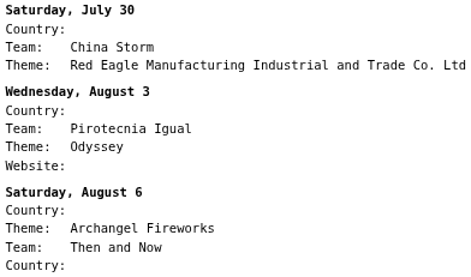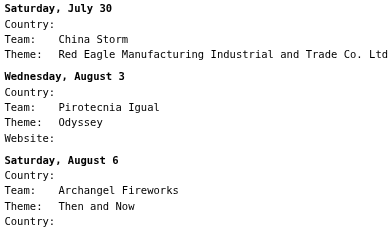 <table border="0">
 <tr>
 <td colspan="2"><strong>Saturday, July 30</strong></td>
 </tr>
 <tr>
 <td>Country:</td>
 <td></td>
 </tr>
 <tr>
 <td>Team:</td>
 <td>China Storm</td>
 </tr>
 <tr>
 <td>Theme:</td>
 <td>Red Eagle Manufacturing Industrial and Trade Co. Ltd</td>
 </tr>
 <tr>
 <td colspan="2"></td>
 </tr>
 <tr>
 <td></td>
 </tr>
 <tr>
 <td colspan="2"><strong>Wednesday, August 3</strong></td>
 </tr>
 <tr>
 <td>Country:</td>
 <td></td>
 </tr>
 <tr>
 <td>Team:</td>
 <td>Pirotecnia Igual</td>
 </tr>
 <tr>
 <td>Theme:</td>
 <td>Odyssey</td>
 </tr>
 <tr>
 <td>Website:</td>
 <td></td>
 </tr>
 <tr>
 <td colspan="2"></td>
 </tr>
 <tr>
 <td></td>
 </tr>
 <tr>
 <td colspan="2"><strong>Saturday, August 6</strong></td>
 </tr>
 <tr>
 <td>Country:</td>
 <td></td>
 </tr>
 <tr>
-<td>Theme:</td>
+<td>Team:</td>
 <td>Archangel Fireworks</td>
 </tr>
 <tr>
-<td>Team:</td>
+<td>Theme:</td>
 <td>Then and Now</td>
 </tr>
 <tr>
 <td>Country:</td>
 <td></td>
 </tr>
 <tr>
 <td colspan="2"></td>
 </tr>
 </table>
